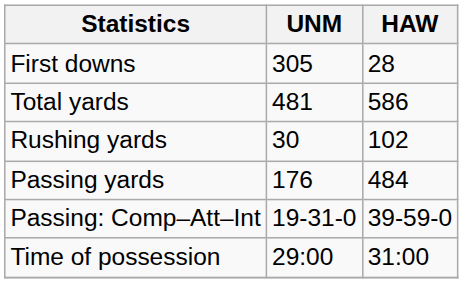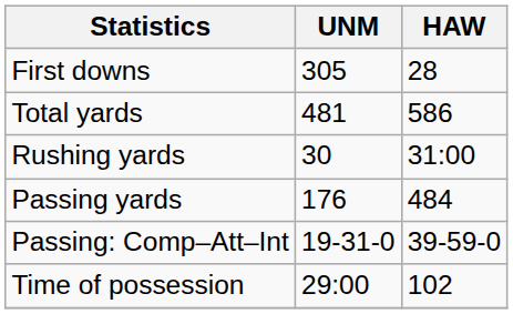 <table class="wikitable" style="float: left;">
 <tr>
 <th>Statistics</th>
 <th>UNM</th>
 <th>HAW</th>
 </tr>
 <tr>
 <td>First downs</td>
 <td>305</td>
 <td>28</td>
 </tr>
 <tr>
 <td>Total yards</td>
 <td>481</td>
 <td>586</td>
 </tr>
 <tr>
 <td>Rushing yards</td>
 <td>30</td>
-<td>102</td>
+<td>31:00</td>
 </tr>
 <tr>
 <td>Passing yards</td>
 <td>176</td>
 <td>484</td>
 </tr>
 <tr>
 <td>Passing: Comp–Att–Int</td>
 <td>19-31-0</td>
 <td>39-59-0</td>
 </tr>
 <tr>
 <td>Time of possession</td>
 <td>29:00</td>
-<td>31:00</td>
+<td>102</td>
 </tr>
 <tr>
 </tr>
 </table>
